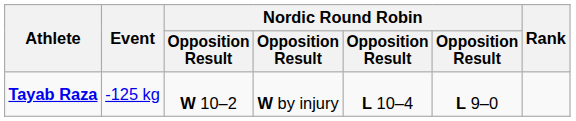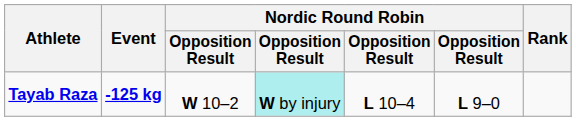 <table class="wikitable" style="font-size:90%;">
 <tr>
 <th rowspan=2>Athlete</th>
 <th rowspan=2>Event</th>
 <th colspan=4>Nordic Round Robin</th>
 <th rowspan=2>Rank</th>
 </tr>
 <tr style="font-size: 95%">
 <th>Opposition<br>Result</th>
 <th>Opposition<br>Result</th>
 <th>Opposition<br>Result</th>
 <th>Opposition<br>Result</th>
 </tr>
 <tr align=center>
 <td align=left><strong><a href='#'>Tayab Raza</a></strong></td>
-<td align=left><a href='#'>-125 kg</a></td>
+<td align=left><strong><a href='#'>-125 kg</a></strong></td>
 <td><br><strong>W</strong> 10–2</td>
-<td><br><strong>W</strong> by injury</td>
+<td style="background: paleturquoise;"><br><strong>W</strong> by injury</td>
 <td><br><strong>L</strong> 10–4</td>
 <td><br><strong>L</strong> 9–0</td>
 <td></td>
 </tr>
 </table>
